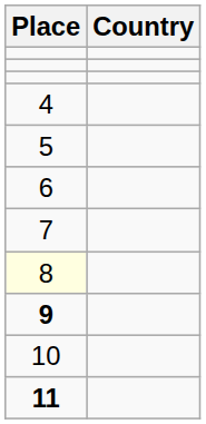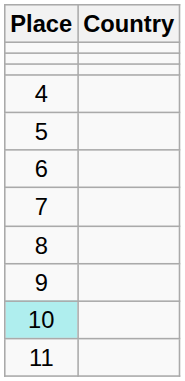 <table class="wikitable" style="font-size:95%;">
 <tr>
 <th>Place</th>
 <th>Country</th>
 </tr>
 <tr>
 <td align=center></td>
 <td></td>
 </tr>
 <tr>
 <td align=center></td>
 <td></td>
 </tr>
 <tr>
 <td align=center></td>
 <td></td>
 </tr>
 <tr>
 <td align=center>4</td>
 <td></td>
 </tr>
 <tr>
 <td align=center>5</td>
 <td></td>
 </tr>
 <tr>
 <td align=center>6</td>
 <td></td>
 </tr>
 <tr>
 <td align=center>7</td>
 <td></td>
 </tr>
 <tr>
-<td align=center style="background: lightyellow;">8</td>
+<td align=center>8</td>
 <td></td>
 </tr>
 <tr>
-<td align=center><strong>9</strong></td>
+<td align=center>9</td>
 <td></td>
 </tr>
 <tr>
-<td align=center>10</td>
+<td align=center style="background: paleturquoise;">10</td>
 <td></td>
 </tr>
 <tr>
-<td align=center><strong>11</strong></td>
+<td align=center>11</td>
 <td></td>
 </tr>
 </table>
